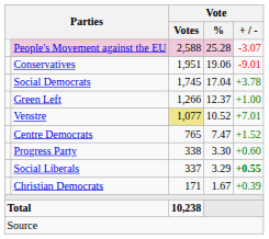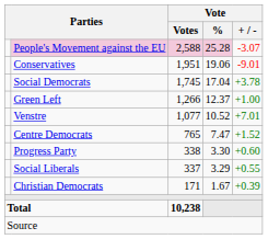 <table class="wikitable" style="text-align:right;">
 <tr>
 <th style="text-align:centre;" rowspan="2" colspan="2" width="225">Parties</th>
 <th colspan="3">Vote</th>
 </tr>
 <tr>
 <th width="15">Votes</th>
 <th width="15">%</th>
 <th width="15">+ / -</th>
 </tr>
 <tr>
 <td width="2" style="color:inherit;background:"></td>
 <td bgcolor=#f3c9dc   align="left"><a href='#'>People's Movement against the EU</a></td>
 <td bgcolor=#f3c9dc>2,588</td>
 <td bgcolor=#f3c9dc>25.28</td>
 <td style=color:red;>-3.07</td>
 </tr>
 <tr>
 <td width="2" style="color:inherit;background:"></td>
 <td align="left"><a href='#'>Conservatives</a></td>
 <td>1,951</td>
 <td>19.06</td>
 <td style=color:red;>-9.01</td>
 </tr>
 <tr>
 <td width="2" style="color:inherit;background:"></td>
 <td align="left"><a href='#'>Social Democrats</a></td>
 <td>1,745</td>
 <td>17.04</td>
 <td style=color:green;>+3.78</td>
 </tr>
 <tr>
 <td width="2" style="color:inherit;background:"></td>
 <td align="left"><a href='#'>Green Left</a></td>
 <td>1,266</td>
 <td>12.37</td>
 <td style=color:green;>+1.00</td>
 </tr>
 <tr>
 <td width="2" style="color:inherit;background:"></td>
 <td align="left"><a href='#'>Venstre</a></td>
-<td style="background: khaki;">1,077</td>
+<td>1,077</td>
 <td>10.52</td>
 <td style=color:green;>+7.01</td>
 </tr>
 <tr>
 <td width="2" style="color:inherit;background:"></td>
 <td align="left"><a href='#'>Centre Democrats</a></td>
 <td>765</td>
 <td>7.47</td>
 <td style=color:green;>+1.52</td>
 </tr>
 <tr>
 <td width="2" style="color:inherit;background:"></td>
 <td align="left"><a href='#'>Progress Party</a></td>
 <td>338</td>
 <td>3.30</td>
 <td style=color:green;>+0.60</td>
 </tr>
 <tr>
 <td width="2" style="color:inherit;background:"></td>
 <td align="left"><a href='#'>Social Liberals</a></td>
 <td>337</td>
 <td>3.29</td>
-<td style=color:green;><strong>+0.55</strong></td>
+<td style=color:green;>+0.55</td>
 </tr>
 <tr>
 <td width="2" style="color:inherit;background:"></td>
 <td align="left"><a href='#'>Christian Democrats</a></td>
 <td>171</td>
 <td>1.67</td>
 <td style=color:green;>+0.39</td>
 </tr>
 <tr>
 <td colspan="7" bgcolor="#E9E9E9"></td>
 </tr>
 <tr>
 <td align="left" colspan="2"><strong>Total</strong></td>
 <td><strong>10,238</strong></td>
 <td bgcolor="#E9E9E9" colspan="2"></td>
 </tr>
 <tr>
 <td align="left" colspan="6">Source</td>
 </tr>
 </table>
